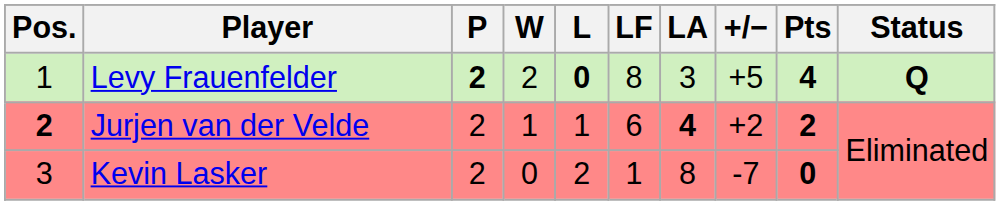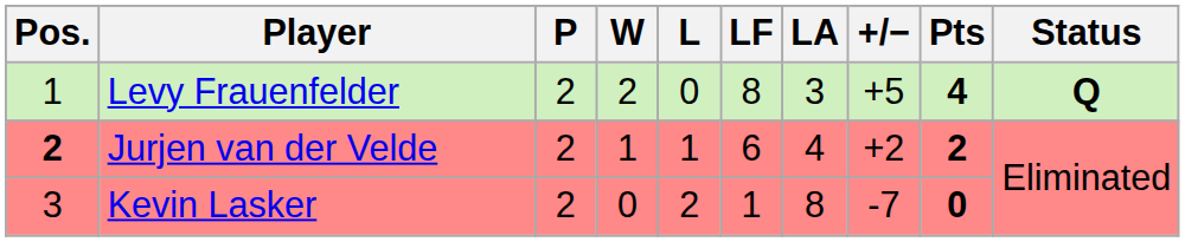 <table class="wikitable" style="text-align:center; margin: 1em auto 1em auto, align:left">
 <tr>
 <th width=20>Pos.</th>
 <th width=185>Player</th>
 <th width=20>P</th>
 <th width=20>W</th>
 <th width=20>L</th>
 <th width=20>LF</th>
 <th width=20>LA</th>
 <th width=25>+/−</th>
 <th width=20>Pts</th>
 <th width=70>Status</th>
 </tr>
 <tr style="background:#D0F0C0;">
 <td>1</td>
 <td align=left> <a href='#'>Levy Frauenfelder</a></td>
-<td><strong>2</strong></td>
 <td>2</td>
-<td><strong>0</strong></td>
+<td>2</td>
+<td>0</td>
 <td>8</td>
 <td>3</td>
 <td>+5</td>
 <td><strong>4</strong></td>
 <td rowspan=1><strong>Q</strong></td>
 </tr>
 <tr style="background:#FF8888;">
 <td><strong>2</strong></td>
 <td align=left> <a href='#'>Jurjen van der Velde</a></td>
 <td>2</td>
 <td>1</td>
 <td>1</td>
 <td>6</td>
-<td><strong>4</strong></td>
+<td>4</td>
 <td>+2</td>
 <td><strong>2</strong></td>
 <td rowspan=2>Eliminated</td>
 </tr>
 <tr style="background:#FF8888;">
 <td>3</td>
 <td align=left> <a href='#'>Kevin Lasker</a></td>
 <td>2</td>
 <td>0</td>
 <td>2</td>
 <td>1</td>
 <td>8</td>
 <td>-7</td>
 <td><strong>0</strong></td>
 </tr>
 </table>
